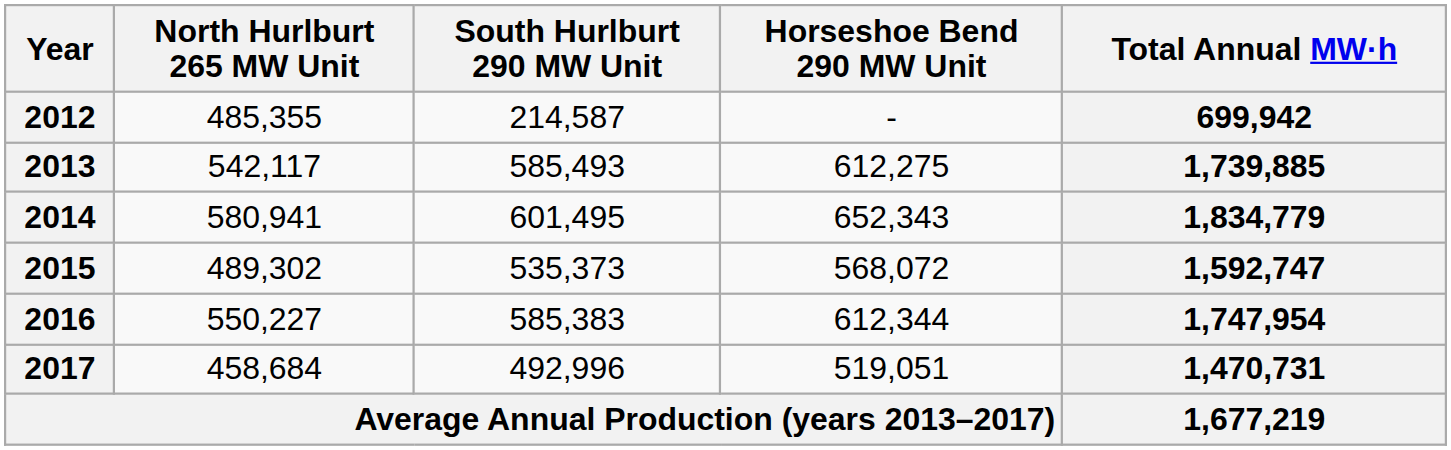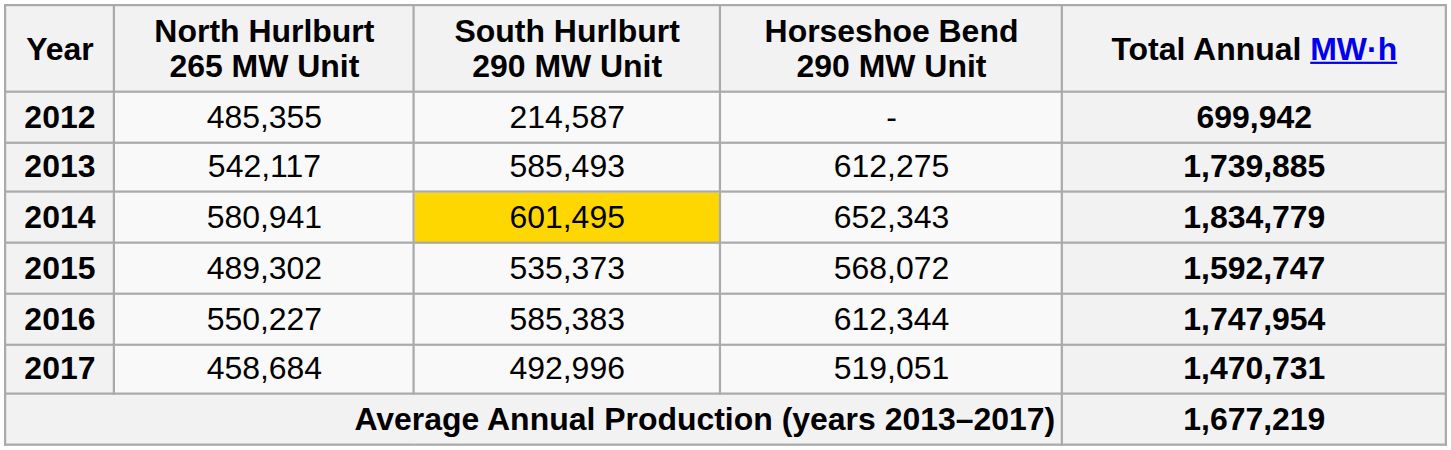 <table class=wikitable style="text-align:center; font-size:0.9em; width:650px;">
 <tr>
 <th>Year</th>
 <th>North Hurlburt<br>265 MW Unit </th>
 <th>South Hurlburt<br>290 MW Unit </th>
 <th>Horseshoe Bend<br>290 MW Unit </th>
 <th>Total Annual <a href='#'>MW·h</a></th>
 </tr>
 <tr>
 <th>2012</th>
 <td>485,355</td>
 <td>214,587</td>
 <td>-</td>
 <th>699,942</th>
 </tr>
 <tr>
 <th>2013</th>
 <td>542,117</td>
 <td>585,493</td>
 <td>612,275</td>
 <th>1,739,885</th>
 </tr>
 <tr>
 <th>2014</th>
 <td>580,941</td>
-<td>601,495</td>
+<td style="background: gold;">601,495</td>
 <td>652,343</td>
 <th>1,834,779</th>
 </tr>
 <tr>
 <th>2015</th>
 <td>489,302</td>
 <td>535,373</td>
 <td>568,072</td>
 <th>1,592,747</th>
 </tr>
 <tr>
 <th>2016</th>
 <td>550,227</td>
 <td>585,383</td>
 <td>612,344</td>
 <th>1,747,954</th>
 </tr>
 <tr>
 <th>2017</th>
 <td>458,684</td>
 <td>492,996</td>
 <td>519,051</td>
 <th>1,470,731</th>
 </tr>
 <tr>
 <th colspan=4 style="text-align:right">Average Annual Production (years 2013–2017)</th>
 <th>1,677,219</th>
 </tr>
 </table>
